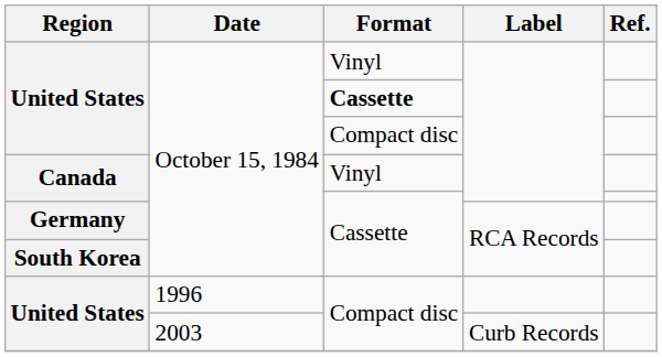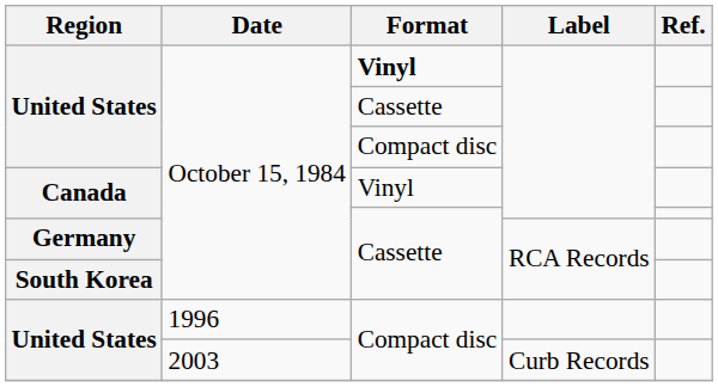 <table class="wikitable plainrowheaders">
 <tr>
 <th scope="col">Region</th>
 <th scope="col">Date</th>
 <th scope="col">Format</th>
 <th scope="col">Label</th>
 <th scope="col">Ref.</th>
 </tr>
 <tr>
 <th scope="row" rowspan="3">United States</th>
 <td rowspan="7">October 15, 1984</td>
-<td>Vinyl</td>
+<td><strong>Vinyl</strong></td>
 <td rowspan="5"></td>
 <td></td>
 </tr>
 <tr>
-<td><strong>Cassette</strong></td>
+<td>Cassette</td>
 <td></td>
 </tr>
 <tr>
 <td>Compact disc</td>
 <td></td>
 </tr>
 <tr>
 <th scope="row" rowspan="2">Canada</th>
 <td>Vinyl</td>
 <td></td>
 </tr>
 <tr>
 <td rowspan="3">Cassette</td>
 <td></td>
 </tr>
 <tr>
 <th scope="row">Germany</th>
 <td rowspan="2">RCA Records</td>
 <td></td>
 </tr>
 <tr>
 <th scope="row">South Korea</th>
 <td></td>
 </tr>
 <tr>
 <th scope="row" rowspan="2">United States</th>
 <td>1996</td>
 <td rowspan="2">Compact disc</td>
 <td></td>
 <td></td>
 </tr>
 <tr>
 <td>2003</td>
 <td>Curb Records</td>
 <td></td>
 </tr>
 <tr>
 </tr>
 </table>
